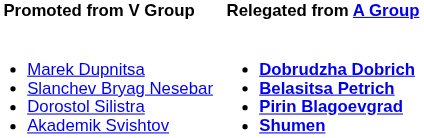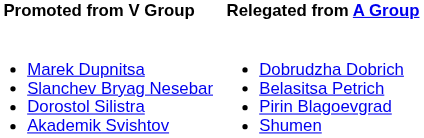 <table>
 <tr>
 <th>  <strong>Promoted from V Group</strong>  </th>
 <th>  <strong>Relegated from <a href='#'>A Group</a></strong>  </th>
 </tr>
 <tr style = "vertical-align: top;">
 <td><br><ul><li><a href='#'>Marek Dupnitsa</a></li><li><a href='#'>Slanchev Bryag Nesebar</a></li><li><a href='#'>Dorostol Silistra</a></li><li><a href='#'>Akademik Svishtov</a></li></ul></td>
-<td><strong><br><ul><li><a href='#'>Dobrudzha Dobrich</a></li><li><a href='#'>Belasitsa Petrich</a></li><li><a href='#'>Pirin Blagoevgrad</a></li><li><a href='#'>Shumen</a></li></ul></strong></td>
+<td><br><ul><li><a href='#'>Dobrudzha Dobrich</a></li><li><a href='#'>Belasitsa Petrich</a></li><li><a href='#'>Pirin Blagoevgrad</a></li><li><a href='#'>Shumen</a></li></ul></td>
 </tr>
 </table>
